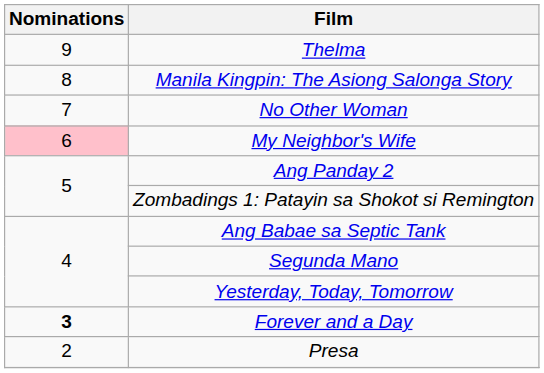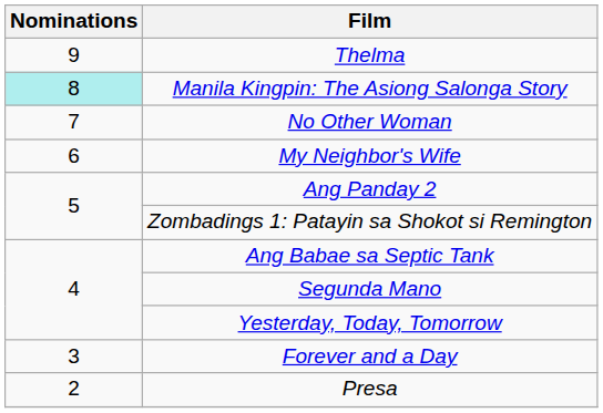 <table class="wikitable" style="text-align:center;">
 <tr>
 <th scope="col" width="55">Nominations</th>
 <th scope="col" align="center">Film</th>
 </tr>
 <tr>
 <td style="text-align:center">9</td>
 <td><em><a href='#'>Thelma</a></em></td>
 </tr>
 <tr>
-<td style="text-align:center">8</td>
+<td style="background: paleturquoise; text-align:center">8</td>
 <td><em><a href='#'>Manila Kingpin: The Asiong Salonga Story</a></em></td>
 </tr>
 <tr>
 <td style="text-align:center">7</td>
 <td><em><a href='#'>No Other Woman</a></em></td>
 </tr>
 <tr>
-<td style="background: pink; text-align:center">6</td>
+<td style="text-align:center">6</td>
 <td><em><a href='#'>My Neighbor's Wife</a></em></td>
 </tr>
 <tr>
 <td rowspan=2 style="text-align:center">5</td>
 <td><em><a href='#'>Ang Panday 2</a></em></td>
 </tr>
 <tr>
 <td><em>Zombadings 1: Patayin sa Shokot si Remington</em></td>
 </tr>
 <tr>
 <td rowspan=3 style="text-align:center">4</td>
 <td><em><a href='#'>Ang Babae sa Septic Tank</a></em></td>
 </tr>
 <tr>
 <td><em><a href='#'>Segunda Mano</a></em></td>
 </tr>
 <tr>
 <td><em><a href='#'>Yesterday, Today, Tomorrow</a></em></td>
 </tr>
 <tr>
-<td style="text-align:center"><strong>3</strong></td>
+<td style="text-align:center">3</td>
 <td><em><a href='#'>Forever and a Day</a></em></td>
 </tr>
 <tr>
 <td style="text-align:center">2</td>
 <td><em>Presa</em></td>
 </tr>
 <tr>
 </tr>
 </table>
